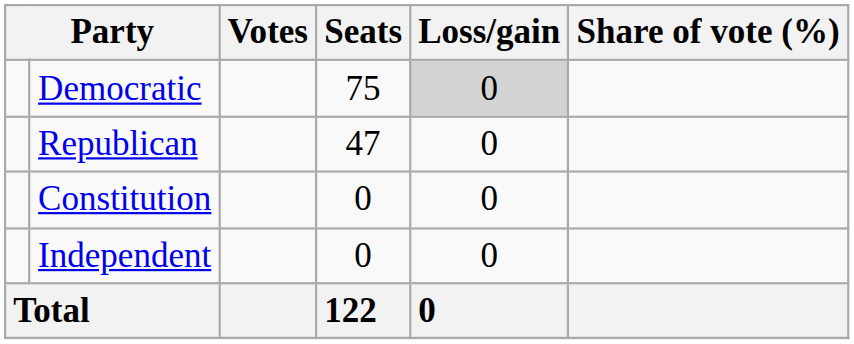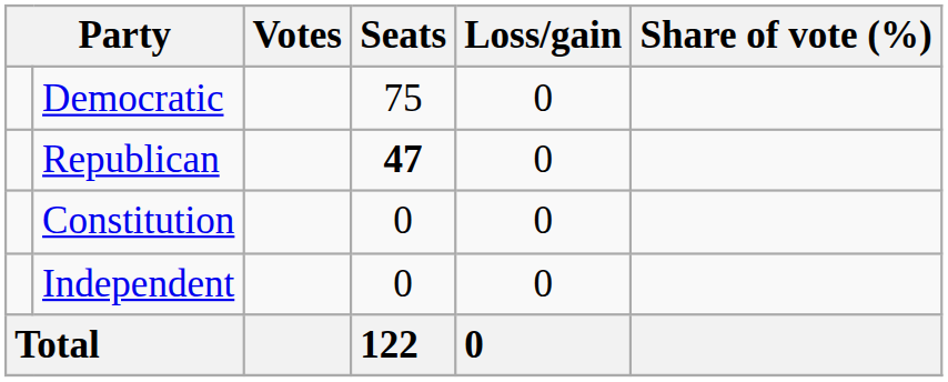 <table class="wikitable">
 <tr>
 <th colspan=2>Party</th>
 <th>Votes</th>
 <th>Seats</th>
 <th>Loss/gain</th>
 <th>Share of vote (%)</th>
 </tr>
 <tr>
 <td style="background-color:"> </td>
 <td><a href='#'>Democratic</a></td>
 <td style="text-align:right;"></td>
 <td style="text-align:center;">75</td>
-<td style="background: lightgrey; text-align:center;">0</td>
+<td style="text-align:center;">0</td>
 <td style="text-align:center;"></td>
 </tr>
 <tr>
 <td style="background-color:"> </td>
 <td><a href='#'>Republican</a></td>
 <td style="text-align:right;"></td>
-<td style="text-align:center;">47</td>
+<td style="text-align:center;"><strong>47</strong></td>
 <td style="text-align:center;">0</td>
 <td style="text-align:center;"></td>
 </tr>
 <tr>
 <td style="background-color:"> </td>
 <td><a href='#'>Constitution</a></td>
 <td style="text-align:right;"></td>
 <td style="text-align:center;">0</td>
 <td style="text-align:center;">0</td>
 <td style="text-align:center;"></td>
 </tr>
 <tr>
 <td style="background-color:"> </td>
 <td><a href='#'>Independent</a></td>
 <td style="text-align:right;"></td>
 <td style="text-align:center;">0</td>
 <td style="text-align:center;">0</td>
 <td style="text-align:center;"></td>
 </tr>
 <tr>
 <td style="background-color: #f2f2f2; text-align: left; font-weight: bold" colspan="2">Total</td>
 <td style="background-color: #f2f2f2; font-weight: bold"></td>
 <td style="background-color: #f2f2f2; font-weight: bold">122</td>
 <td style="background-color: #f2f2f2; font-weight: bold">0</td>
 <td style="background-color: #f2f2f2; font-weight: bold"></td>
 </tr>
 <tr>
 </tr>
 </table>
